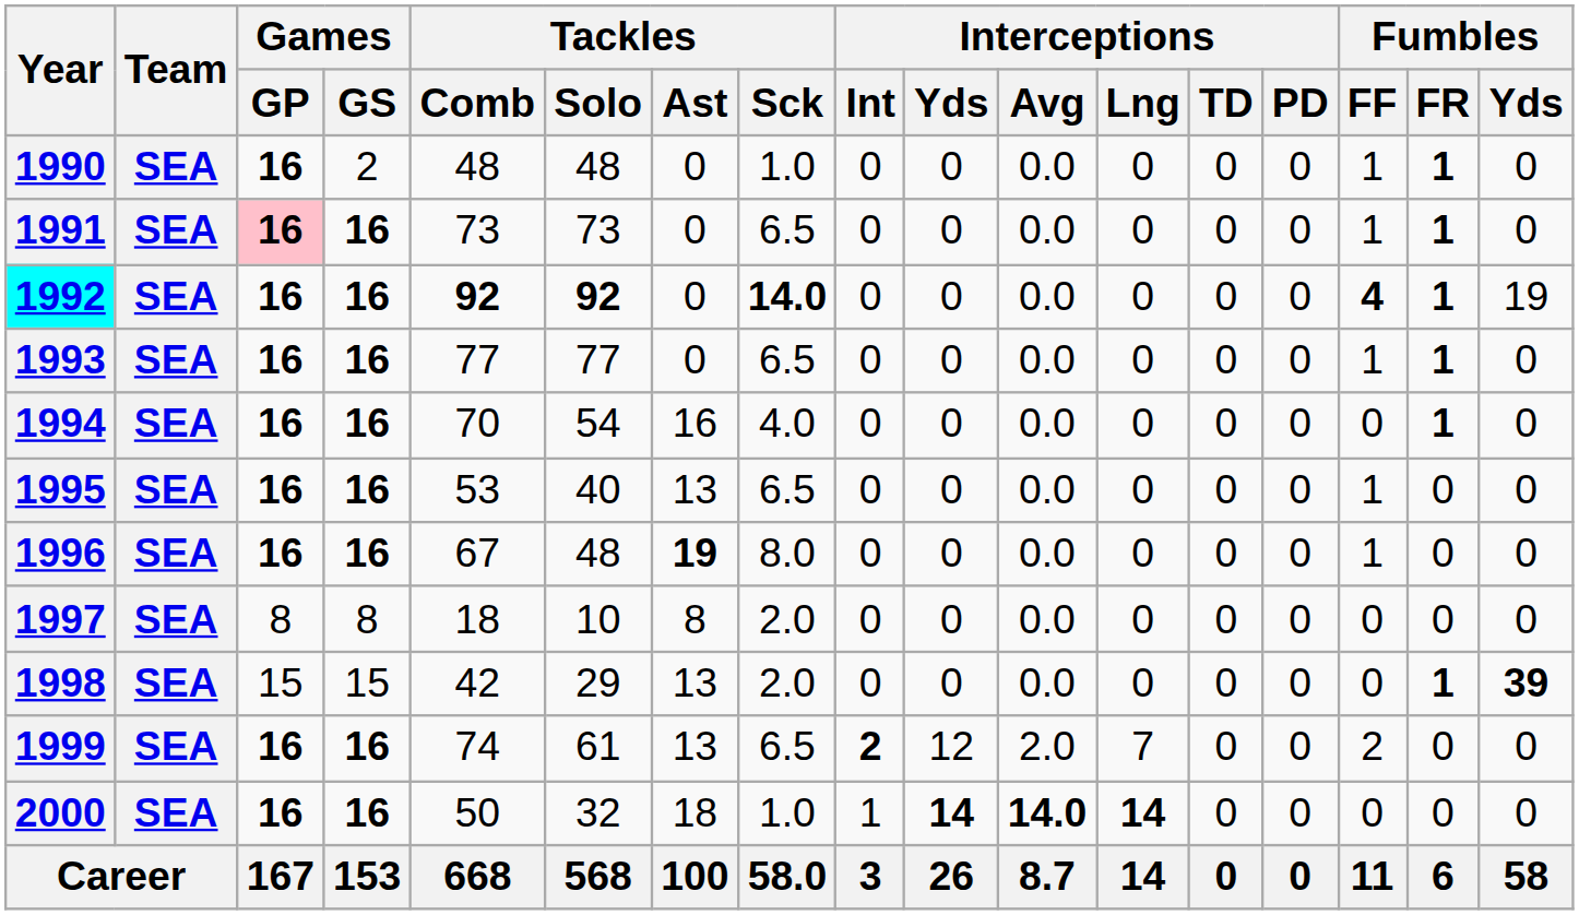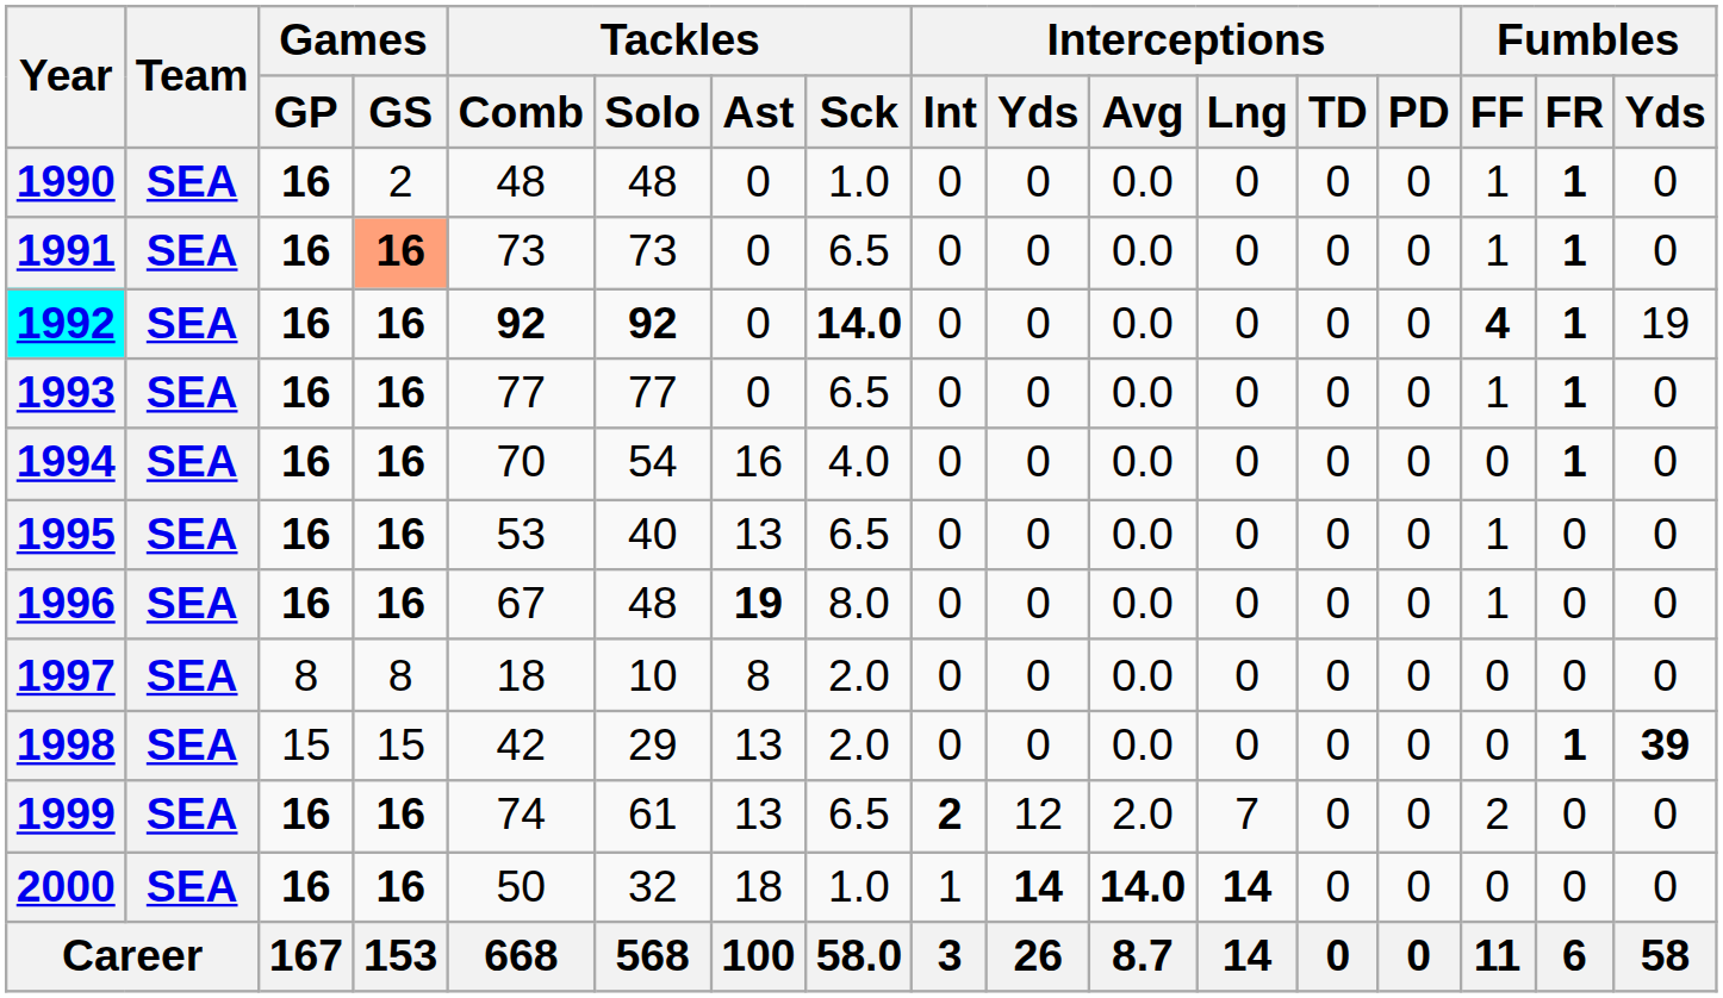 <table class="wikitable" style="text-align:center">
 <tr>
 <th rowspan="2">Year</th>
 <th rowspan="2">Team</th>
 <th colspan="2">Games</th>
 <th colspan="4">Tackles</th>
 <th colspan="6">Interceptions</th>
 <th colspan="3">Fumbles</th>
 </tr>
 <tr>
 <th>GP</th>
 <th>GS</th>
 <th>Comb</th>
 <th>Solo</th>
 <th>Ast</th>
 <th>Sck</th>
 <th>Int</th>
 <th>Yds</th>
 <th>Avg</th>
 <th>Lng</th>
 <th>TD</th>
 <th>PD</th>
 <th>FF</th>
 <th>FR</th>
 <th>Yds</th>
 </tr>
 <tr>
 <th><a href='#'>1990</a></th>
 <th><a href='#'>SEA</a></th>
 <td><strong>16</strong></td>
 <td>2</td>
 <td>48</td>
 <td>48</td>
 <td>0</td>
 <td>1.0</td>
 <td>0</td>
 <td>0</td>
 <td>0.0</td>
 <td>0</td>
 <td>0</td>
 <td>0</td>
 <td>1</td>
 <td><strong>1</strong></td>
 <td>0</td>
 </tr>
 <tr>
 <th><a href='#'>1991</a></th>
 <th><a href='#'>SEA</a></th>
-<td style="background: pink;"><strong>16</strong></td>
 <td><strong>16</strong></td>
+<td style="background: lightsalmon;"><strong>16</strong></td>
 <td>73</td>
 <td>73</td>
 <td>0</td>
 <td>6.5</td>
 <td>0</td>
 <td>0</td>
 <td>0.0</td>
 <td>0</td>
 <td>0</td>
 <td>0</td>
 <td>1</td>
 <td><strong>1</strong></td>
 <td>0</td>
 </tr>
 <tr>
 <th style="background:#00FFFF;"><a href='#'>1992</a></th>
 <th><a href='#'>SEA</a></th>
 <td><strong>16</strong></td>
 <td><strong>16</strong></td>
 <td><strong>92</strong></td>
 <td><strong>92</strong></td>
 <td>0</td>
 <td><strong>14.0</strong></td>
 <td>0</td>
 <td>0</td>
 <td>0.0</td>
 <td>0</td>
 <td>0</td>
 <td>0</td>
 <td><strong>4</strong></td>
 <td><strong>1</strong></td>
 <td>19</td>
 </tr>
 <tr>
 <th><a href='#'>1993</a></th>
 <th><a href='#'>SEA</a></th>
 <td><strong>16</strong></td>
 <td><strong>16</strong></td>
 <td>77</td>
 <td>77</td>
 <td>0</td>
 <td>6.5</td>
 <td>0</td>
 <td>0</td>
 <td>0.0</td>
 <td>0</td>
 <td>0</td>
 <td>0</td>
 <td>1</td>
 <td><strong>1</strong></td>
 <td>0</td>
 </tr>
 <tr>
 <th><a href='#'>1994</a></th>
 <th><a href='#'>SEA</a></th>
 <td><strong>16</strong></td>
 <td><strong>16</strong></td>
 <td>70</td>
 <td>54</td>
 <td>16</td>
 <td>4.0</td>
 <td>0</td>
 <td>0</td>
 <td>0.0</td>
 <td>0</td>
 <td>0</td>
 <td>0</td>
 <td>0</td>
 <td><strong>1</strong></td>
 <td>0</td>
 </tr>
 <tr>
 <th><a href='#'>1995</a></th>
 <th><a href='#'>SEA</a></th>
 <td><strong>16</strong></td>
 <td><strong>16</strong></td>
 <td>53</td>
 <td>40</td>
 <td>13</td>
 <td>6.5</td>
 <td>0</td>
 <td>0</td>
 <td>0.0</td>
 <td>0</td>
 <td>0</td>
 <td>0</td>
 <td>1</td>
 <td>0</td>
 <td>0</td>
 </tr>
 <tr>
 <th><a href='#'>1996</a></th>
 <th><a href='#'>SEA</a></th>
 <td><strong>16</strong></td>
 <td><strong>16</strong></td>
 <td>67</td>
 <td>48</td>
 <td><strong>19</strong></td>
 <td>8.0</td>
 <td>0</td>
 <td>0</td>
 <td>0.0</td>
 <td>0</td>
 <td>0</td>
 <td>0</td>
 <td>1</td>
 <td>0</td>
 <td>0</td>
 </tr>
 <tr>
 <th><a href='#'>1997</a></th>
 <th><a href='#'>SEA</a></th>
 <td>8</td>
 <td>8</td>
 <td>18</td>
 <td>10</td>
 <td>8</td>
 <td>2.0</td>
 <td>0</td>
 <td>0</td>
 <td>0.0</td>
 <td>0</td>
 <td>0</td>
 <td>0</td>
 <td>0</td>
 <td>0</td>
 <td>0</td>
 </tr>
 <tr>
 <th><a href='#'>1998</a></th>
 <th><a href='#'>SEA</a></th>
 <td>15</td>
 <td>15</td>
 <td>42</td>
 <td>29</td>
 <td>13</td>
 <td>2.0</td>
 <td>0</td>
 <td>0</td>
 <td>0.0</td>
 <td>0</td>
 <td>0</td>
 <td>0</td>
 <td>0</td>
 <td><strong>1</strong></td>
 <td><strong>39</strong></td>
 </tr>
 <tr>
 <th><a href='#'>1999</a></th>
 <th><a href='#'>SEA</a></th>
 <td><strong>16</strong></td>
 <td><strong>16</strong></td>
 <td>74</td>
 <td>61</td>
 <td>13</td>
 <td>6.5</td>
 <td><strong>2</strong></td>
 <td>12</td>
 <td>2.0</td>
 <td>7</td>
 <td>0</td>
 <td>0</td>
 <td>2</td>
 <td>0</td>
 <td>0</td>
 </tr>
 <tr>
 <th><a href='#'>2000</a></th>
 <th><a href='#'>SEA</a></th>
 <td><strong>16</strong></td>
 <td><strong>16</strong></td>
 <td>50</td>
 <td>32</td>
 <td>18</td>
 <td>1.0</td>
 <td>1</td>
 <td><strong>14</strong></td>
 <td><strong>14.0</strong></td>
 <td><strong>14</strong></td>
 <td>0</td>
 <td>0</td>
 <td>0</td>
 <td>0</td>
 <td>0</td>
 </tr>
 <tr>
 <th colspan="2">Career</th>
 <th>167</th>
 <th>153</th>
 <th>668</th>
 <th>568</th>
 <th>100</th>
 <th>58.0</th>
 <th>3</th>
 <th>26</th>
 <th>8.7</th>
 <th>14</th>
 <th>0</th>
 <th>0</th>
 <th>11</th>
 <th>6</th>
 <th>58</th>
 </tr>
 </table>
